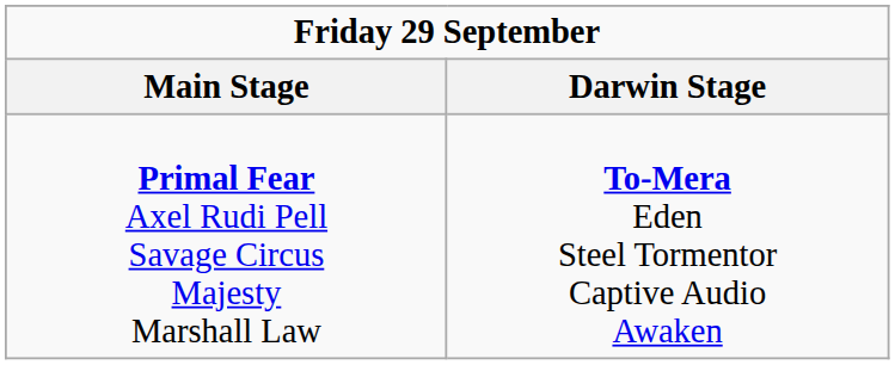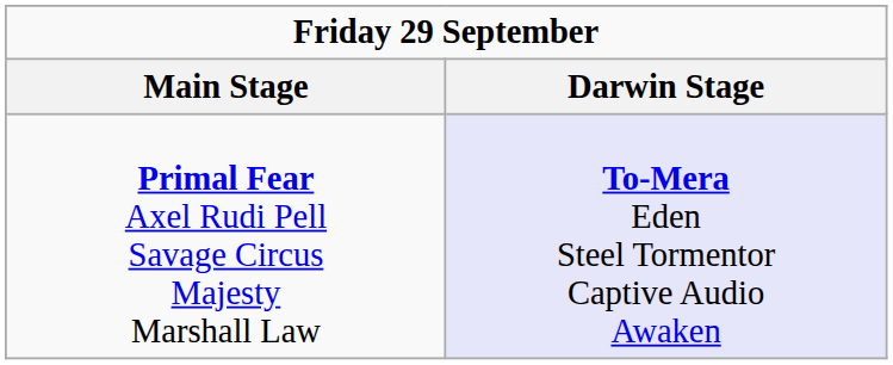 <table class="wikitable">
 <tr>
 <td colspan="2" align="center"><strong>Friday 29 September</strong></td>
 </tr>
 <tr>
 <th>Main Stage</th>
 <th>Darwin Stage</th>
 </tr>
 <tr>
 <td valign="top" align="center" width=200><br><strong><a href='#'>Primal Fear</a></strong><br> <a href='#'>Axel Rudi Pell</a><br> <a href='#'>Savage Circus</a><br> <a href='#'>Majesty</a><br> Marshall Law<br></td>
-<td valign="top" align="center" width=200><br><strong><a href='#'>To-Mera</a></strong><br> Eden<br> Steel Tormentor<br> Captive Audio<br> <a href='#'>Awaken</a><br></td>
+<td valign="top" align="center" width=200 style="background: lavender;"><br><strong><a href='#'>To-Mera</a></strong><br> Eden<br> Steel Tormentor<br> Captive Audio<br> <a href='#'>Awaken</a><br></td>
 </tr>
 </table>
